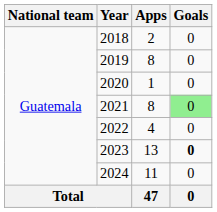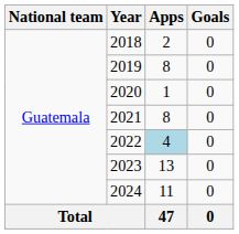 <table class="wikitable" style="text-align:center">
 <tr>
 <th>National team</th>
 <th>Year</th>
 <th>Apps</th>
 <th>Goals</th>
 </tr>
 <tr>
 <td rowspan="7"><a href='#'>Guatemala</a></td>
 <td>2018</td>
 <td>2</td>
 <td>0</td>
 </tr>
 <tr>
 <td>2019</td>
 <td>8</td>
 <td>0</td>
 </tr>
 <tr>
 <td>2020</td>
 <td>1</td>
 <td>0</td>
 </tr>
 <tr>
 <td>2021</td>
 <td>8</td>
-<td style="background: lightgreen;">0</td>
+<td>0</td>
 </tr>
 <tr>
 <td>2022</td>
-<td>4</td>
+<td style="background: lightblue;">4</td>
 <td>0</td>
 </tr>
 <tr>
 <td>2023</td>
 <td>13</td>
-<td><strong>0</strong></td>
+<td>0</td>
 </tr>
 <tr>
 <td>2024</td>
 <td>11</td>
 <td>0</td>
 </tr>
 <tr>
 <th colspan="2">Total</th>
 <th>47</th>
 <th>0</th>
 </tr>
 </table>
